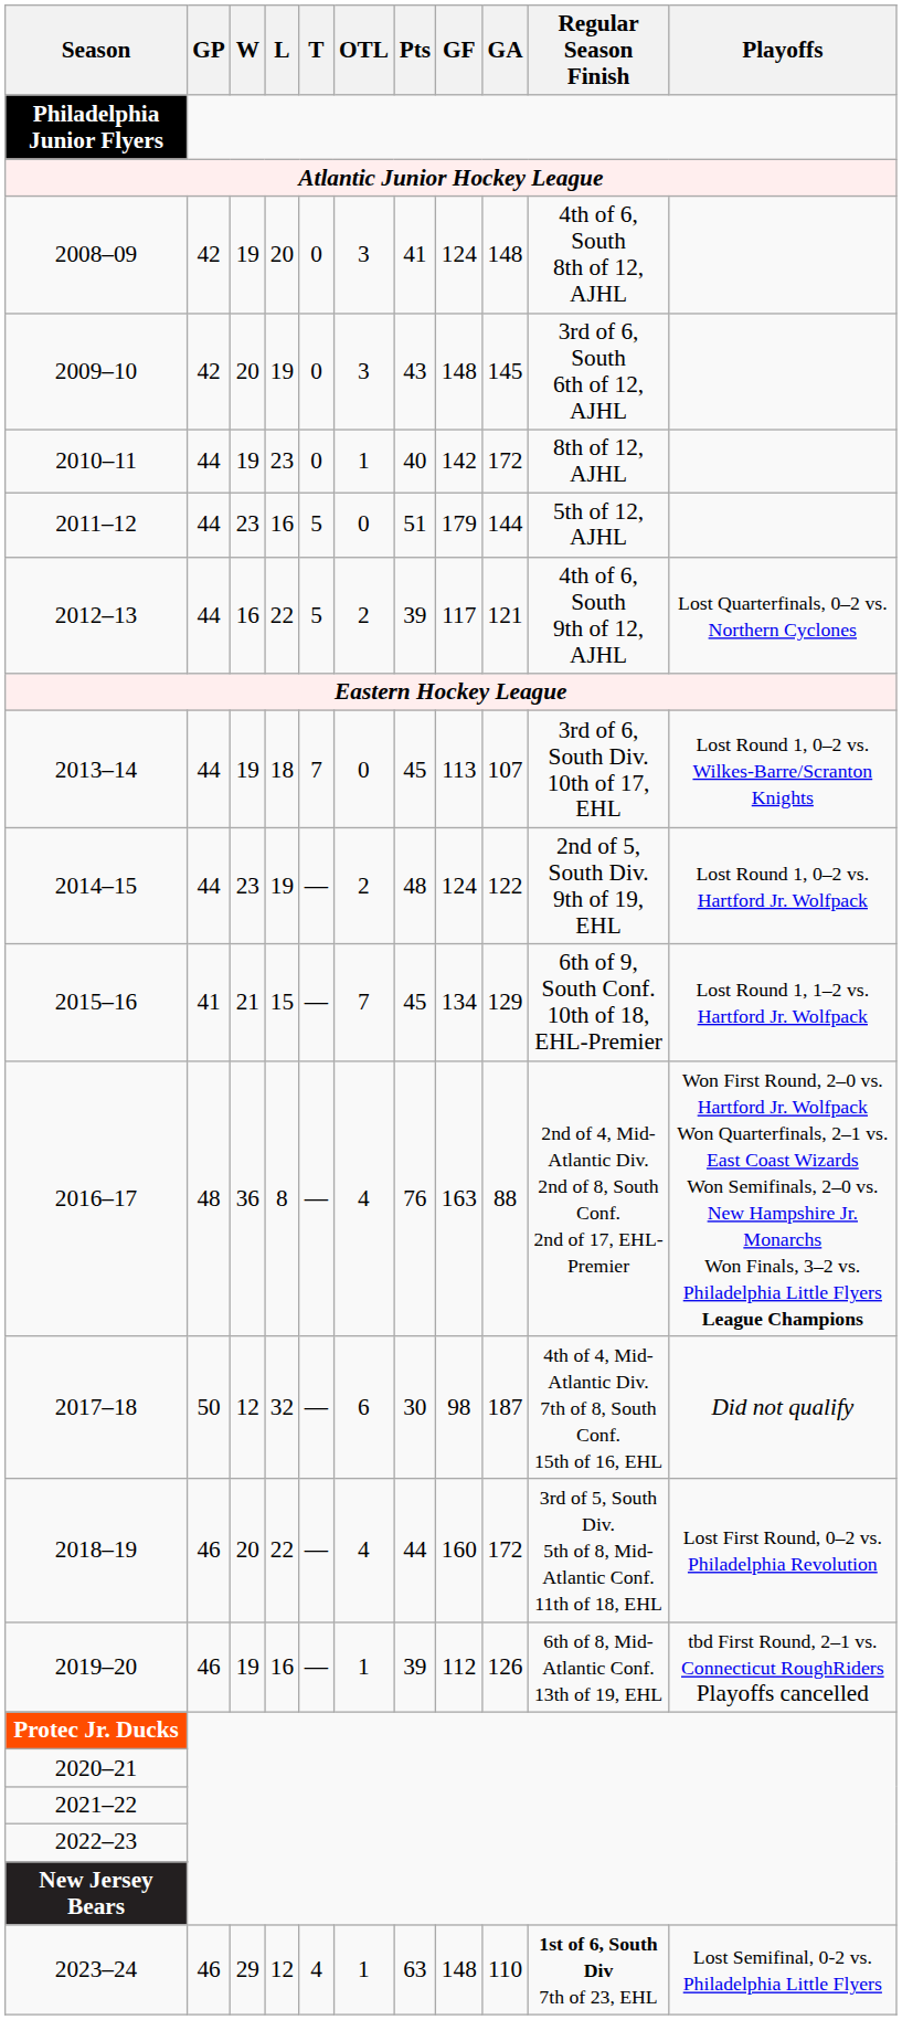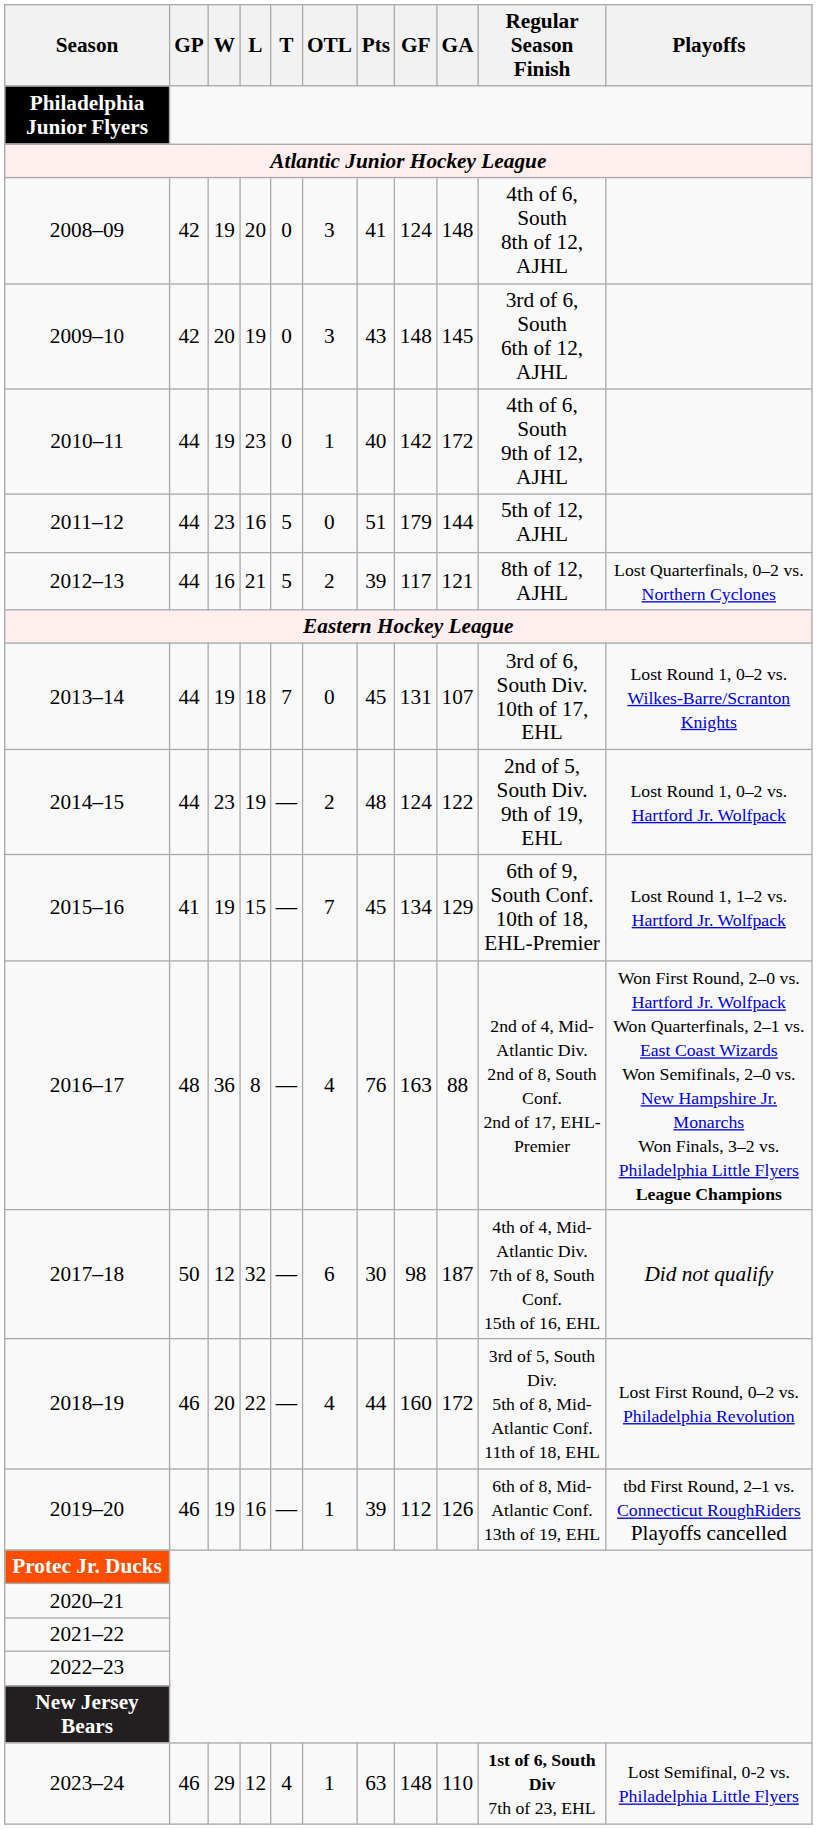 <table class="wikitable" style="text-align:center">
 <tr>
 <th>Season</th>
 <th>GP</th>
 <th>W</th>
 <th>L</th>
 <th>T</th>
 <th>OTL</th>
 <th>Pts</th>
 <th>GF</th>
 <th>GA</th>
 <th>Regular Season Finish</th>
 <th>Playoffs</th>
 </tr>
 <tr align=center>
 <td style="color:white; background:#000000; "><strong>Philadelphia Junior Flyers</strong></td>
 </tr>
 <tr align="center" bgcolor="#ffeeee">
 <td colspan="11"><strong><em>Atlantic Junior Hockey League</em></strong></td>
 </tr>
 <tr>
 <td>2008–09</td>
 <td>42</td>
 <td>19</td>
 <td>20</td>
 <td>0</td>
 <td>3</td>
 <td>41</td>
 <td>124</td>
 <td>148</td>
 <td>4th of 6, South<br>8th of 12, AJHL</td>
 <td></td>
 </tr>
 <tr>
 <td>2009–10</td>
 <td>42</td>
 <td>20</td>
 <td>19</td>
 <td>0</td>
 <td>3</td>
 <td>43</td>
 <td>148</td>
 <td>145</td>
 <td>3rd of 6, South<br>6th of 12, AJHL</td>
 <td></td>
 </tr>
 <tr>
 <td>2010–11</td>
 <td>44</td>
 <td>19</td>
 <td>23</td>
 <td>0</td>
 <td>1</td>
 <td>40</td>
 <td>142</td>
 <td>172</td>
-<td>8th of 12, AJHL</td>
+<td>4th of 6, South<br>9th of 12, AJHL</td>
 <td></td>
 </tr>
 <tr>
 <td>2011–12</td>
 <td>44</td>
 <td>23</td>
 <td>16</td>
 <td>5</td>
 <td>0</td>
 <td>51</td>
 <td>179</td>
 <td>144</td>
 <td>5th of 12, AJHL</td>
 <td></td>
 </tr>
 <tr>
 <td>2012–13</td>
 <td>44</td>
 <td>16</td>
-<td>22</td>
+<td>21</td>
 <td>5</td>
 <td>2</td>
 <td>39</td>
 <td>117</td>
 <td>121</td>
-<td>4th of 6, South<br>9th of 12, AJHL</td>
+<td>8th of 12, AJHL</td>
 <td><small>Lost Quarterfinals, 0–2 vs. <a href='#'>Northern Cyclones</a></small></td>
 </tr>
 <tr align="center" bgcolor="#ffeeee">
 <td colspan="11"><strong><em>Eastern Hockey League</em></strong></td>
 </tr>
 <tr>
 <td>2013–14</td>
 <td>44</td>
 <td>19</td>
 <td>18</td>
 <td>7</td>
 <td>0</td>
 <td>45</td>
-<td>113</td>
+<td>131</td>
 <td>107</td>
 <td>3rd of 6, South Div.<br>10th of 17, EHL</td>
 <td><small>Lost Round 1, 0–2 vs. <a href='#'>Wilkes-Barre/Scranton Knights</a></small></td>
 </tr>
 <tr>
 <td>2014–15</td>
 <td>44</td>
 <td>23</td>
 <td>19</td>
 <td>—</td>
 <td>2</td>
 <td>48</td>
 <td>124</td>
 <td>122</td>
 <td>2nd of 5, South Div.<br>9th of 19, EHL</td>
 <td><small>Lost Round 1, 0–2 vs. <a href='#'>Hartford Jr. Wolfpack</a></small></td>
 </tr>
 <tr>
 <td>2015–16</td>
 <td>41</td>
-<td>21</td>
+<td>19</td>
 <td>15</td>
 <td>—</td>
 <td>7</td>
 <td>45</td>
 <td>134</td>
 <td>129</td>
 <td>6th of 9, South Conf.<br>10th of 18, EHL-Premier</td>
 <td><small>Lost Round 1, 1–2 vs. <a href='#'>Hartford Jr. Wolfpack</a></small></td>
 </tr>
 <tr>
 <td>2016–17</td>
 <td>48</td>
 <td>36</td>
 <td>8</td>
 <td>—</td>
 <td>4</td>
 <td>76</td>
 <td>163</td>
 <td>88</td>
 <td><small>2nd of 4, Mid-Atlantic Div.<br>2nd of 8, South Conf.<br>2nd of 17, EHL-Premier</small></td>
 <td><small>Won First Round, 2–0 vs. <a href='#'>Hartford Jr. Wolfpack</a><br>Won Quarterfinals, 2–1 vs. <a href='#'>East Coast Wizards</a><br>Won Semifinals, 2–0 vs. <a href='#'>New Hampshire Jr. Monarchs</a><br>Won Finals, 3–2 vs. <a href='#'>Philadelphia Little Flyers</a><br><strong>League Champions</strong></small></td>
 </tr>
 <tr>
 <td>2017–18</td>
 <td>50</td>
 <td>12</td>
 <td>32</td>
 <td>—</td>
 <td>6</td>
 <td>30</td>
 <td>98</td>
 <td>187</td>
 <td><small>4th of 4, Mid-Atlantic Div.<br>7th of 8, South Conf.<br>15th of 16, EHL</small></td>
 <td><em>Did not qualify</em></td>
 </tr>
 <tr>
 <td>2018–19</td>
 <td>46</td>
 <td>20</td>
 <td>22</td>
 <td>—</td>
 <td>4</td>
 <td>44</td>
 <td>160</td>
 <td>172</td>
 <td><small>3rd of 5, South Div.<br>5th of 8, Mid-Atlantic Conf.<br>11th of 18, EHL</small></td>
 <td><small>Lost First Round, 0–2 vs. <a href='#'>Philadelphia Revolution</a></small></td>
 </tr>
 <tr>
 <td>2019–20</td>
 <td>46</td>
 <td>19</td>
 <td>16</td>
 <td>—</td>
 <td>1</td>
 <td>39</td>
 <td>112</td>
 <td>126</td>
 <td><small>6th of 8, Mid-Atlantic Conf.<br>13th of 19, EHL</small></td>
 <td><small>tbd First Round, 2–1 vs. <a href='#'>Connecticut RoughRiders</a></small><br>Playoffs cancelled</td>
 </tr>
 <tr>
 </tr>
 <tr align="center">
 <td style="color:white; background:#ff4d00; "><strong>Protec Jr. Ducks</strong></td>
 </tr>
 <tr>
 <td>2020–21</td>
 </tr>
 <tr>
 <td>2021–22</td>
 </tr>
 <tr>
 <td>2022–23</td>
 </tr>
 <tr>
 </tr>
 <tr align=center>
 <td style="color:white; background:#231f20; "><strong>New Jersey Bears</strong></td>
 </tr>
 <tr>
 <td>2023–24</td>
 <td>46</td>
 <td>29</td>
 <td>12</td>
 <td>4</td>
 <td>1</td>
 <td>63</td>
 <td>148</td>
 <td>110</td>
 <td><small><strong>1st of 6, South Div</strong><br>7th of 23, EHL</small></td>
 <td><small>Lost Semifinal, 0-2 vs. <a href='#'>Philadelphia Little Flyers</a></small></td>
 </tr>
 </table>
